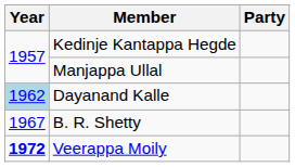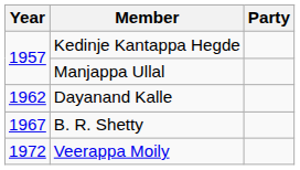 <table class="wikitable">
 <tr>
 <th>Year</th>
 <th>Member</th>
 <th colspan="2">Party</th>
 </tr>
 <tr>
 <td rowspan="2"><a href='#'>1957</a></td>
 <td>Kedinje Kantappa Hegde</td>
 <td></td>
 </tr>
 <tr>
 <td>Manjappa Ullal</td>
 </tr>
 <tr>
-<td style="background: lightblue;"><a href='#'>1962</a></td>
+<td><a href='#'>1962</a></td>
 <td>Dayanand Kalle</td>
 <td></td>
 </tr>
 <tr>
 <td><a href='#'>1967</a></td>
 <td>B. R. Shetty</td>
 <td></td>
 </tr>
 <tr>
-<td><strong><a href='#'>1972</a></strong></td>
+<td><a href='#'>1972</a></td>
 <td><a href='#'>Veerappa Moily</a></td>
 <td></td>
 </tr>
 </table>
